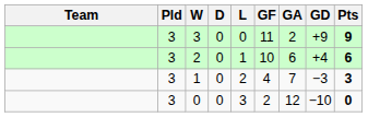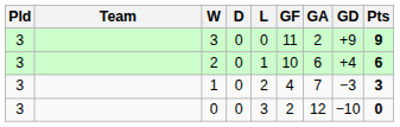 <table class="wikitable" style="text-align:center;">
 <tr>
+<th width=20 abbr="Played">Pld</th>
 <th width=175>Team</th>
-<th width=20 abbr="Played">Pld</th>
 <th width=20 abbr="Won">W</th>
 <th width=20 abbr="Drawn">D</th>
 <th width=20 abbr="Lost">L</th>
 <th width=20 abbr="Goals for">GF</th>
 <th width=20 abbr="Goals against">GA</th>
 <th width=20 abbr="Goal difference">GD</th>
 <th width=20 abbr="Points">Pts</th>
 </tr>
 <tr bgcolor="#ccffcc">
+<td>3</td>
 <td align="left"></td>
-<td>3</td>
 <td>3</td>
 <td>0</td>
 <td>0</td>
 <td>11</td>
 <td>2</td>
 <td>+9</td>
 <td><strong>9</strong></td>
 </tr>
 <tr bgcolor="#ccffcc">
+<td>3</td>
 <td align="left"></td>
-<td>3</td>
 <td>2</td>
 <td>0</td>
 <td>1</td>
 <td>10</td>
 <td>6</td>
 <td>+4</td>
 <td><strong>6</strong></td>
 </tr>
 <tr bgcolor=>
+<td>3</td>
 <td align="left"></td>
-<td>3</td>
 <td>1</td>
 <td>0</td>
 <td>2</td>
 <td>4</td>
 <td>7</td>
 <td>−3</td>
 <td><strong>3</strong></td>
 </tr>
 <tr bgcolor=>
+<td>3</td>
 <td align="left"></td>
-<td>3</td>
 <td>0</td>
 <td>0</td>
 <td>3</td>
 <td>2</td>
 <td>12</td>
 <td>−10</td>
 <td><strong>0</strong></td>
 </tr>
 </table>
